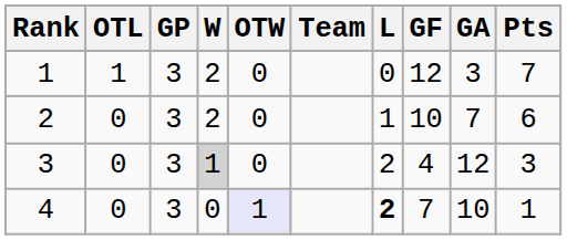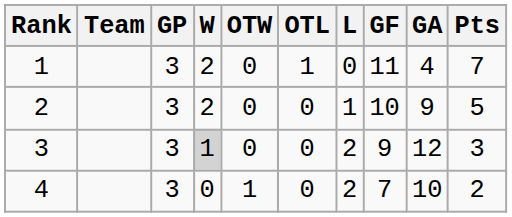 <table class="wikitable" style="text-align:center">
 <tr>
 <th>Rank</th>
-<th>OTL</th>
+<th>Team</th>
 <th>GP</th>
 <th>W</th>
 <th>OTW</th>
-<th>Team</th>
+<th>OTL</th>
 <th>L</th>
 <th>GF</th>
 <th>GA</th>
 <th>Pts</th>
 </tr>
 <tr>
 <td>1</td>
-<td>1</td>
+<td align="left"></td>
 <td>3</td>
 <td>2</td>
 <td>0</td>
-<td align="left"></td>
+<td>1</td>
 <td>0</td>
-<td>12</td>
-<td>3</td>
+<td>11</td>
+<td>4</td>
 <td>7</td>
 </tr>
 <tr>
 <td>2</td>
-<td>0</td>
+<td align="left"></td>
 <td>3</td>
 <td>2</td>
 <td>0</td>
-<td align="left"></td>
+<td>0</td>
 <td>1</td>
 <td>10</td>
-<td>7</td>
-<td>6</td>
+<td>9</td>
+<td>5</td>
 </tr>
 <tr>
 <td>3</td>
-<td>0</td>
+<td align="left"></td>
 <td>3</td>
 <td style="background: lightgrey;">1</td>
 <td>0</td>
-<td align="left"></td>
+<td>0</td>
 <td>2</td>
-<td>4</td>
+<td>9</td>
 <td>12</td>
 <td>3</td>
 </tr>
 <tr>
 <td>4</td>
-<td>0</td>
+<td align="left"></td>
 <td>3</td>
 <td>0</td>
-<td style="background: lavender;">1</td>
-<td align="left"></td>
-<td><strong>2</strong></td>
+<td>1</td>
+<td>0</td>
+<td>2</td>
 <td>7</td>
 <td>10</td>
-<td>1</td>
+<td>2</td>
 </tr>
 </table>
